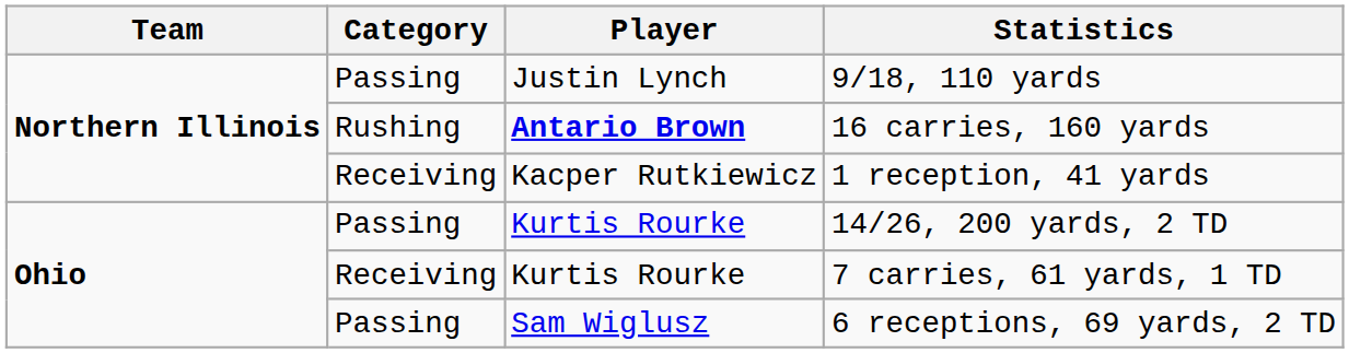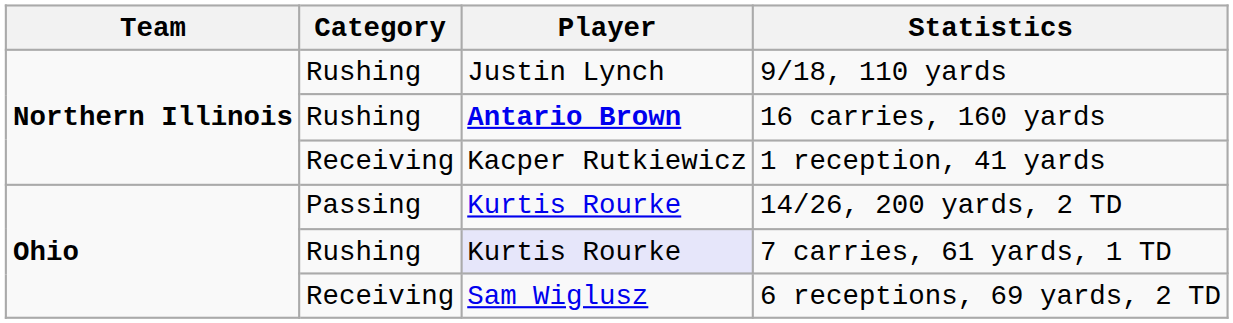 <table class="wikitable" style="float: right;">
 <tr>
 <th>Team</th>
 <th>Category</th>
 <th>Player</th>
 <th>Statistics</th>
 </tr>
 <tr>
 <td rowspan=3><strong>Northern Illinois</strong></td>
-<td>Passing</td>
+<td>Rushing</td>
 <td>Justin Lynch</td>
 <td>9/18, 110 yards</td>
 </tr>
 <tr>
 <td>Rushing</td>
 <td><strong><a href='#'>Antario Brown</a></strong></td>
 <td>16 carries, 160 yards</td>
 </tr>
 <tr>
 <td>Receiving</td>
 <td>Kacper Rutkiewicz</td>
 <td>1 reception, 41 yards</td>
 </tr>
 <tr>
 <td rowspan=3><strong>Ohio</strong></td>
 <td>Passing</td>
 <td><a href='#'>Kurtis Rourke</a></td>
 <td>14/26, 200 yards, 2 TD</td>
 </tr>
 <tr>
-<td>Receiving</td>
-<td>Kurtis Rourke</td>
+<td>Rushing</td>
+<td style="background: lavender;">Kurtis Rourke</td>
 <td>7 carries, 61 yards, 1 TD</td>
 </tr>
 <tr>
-<td>Passing</td>
+<td>Receiving</td>
 <td><a href='#'>Sam Wiglusz</a></td>
 <td>6 receptions, 69 yards, 2 TD</td>
 </tr>
 </table>
